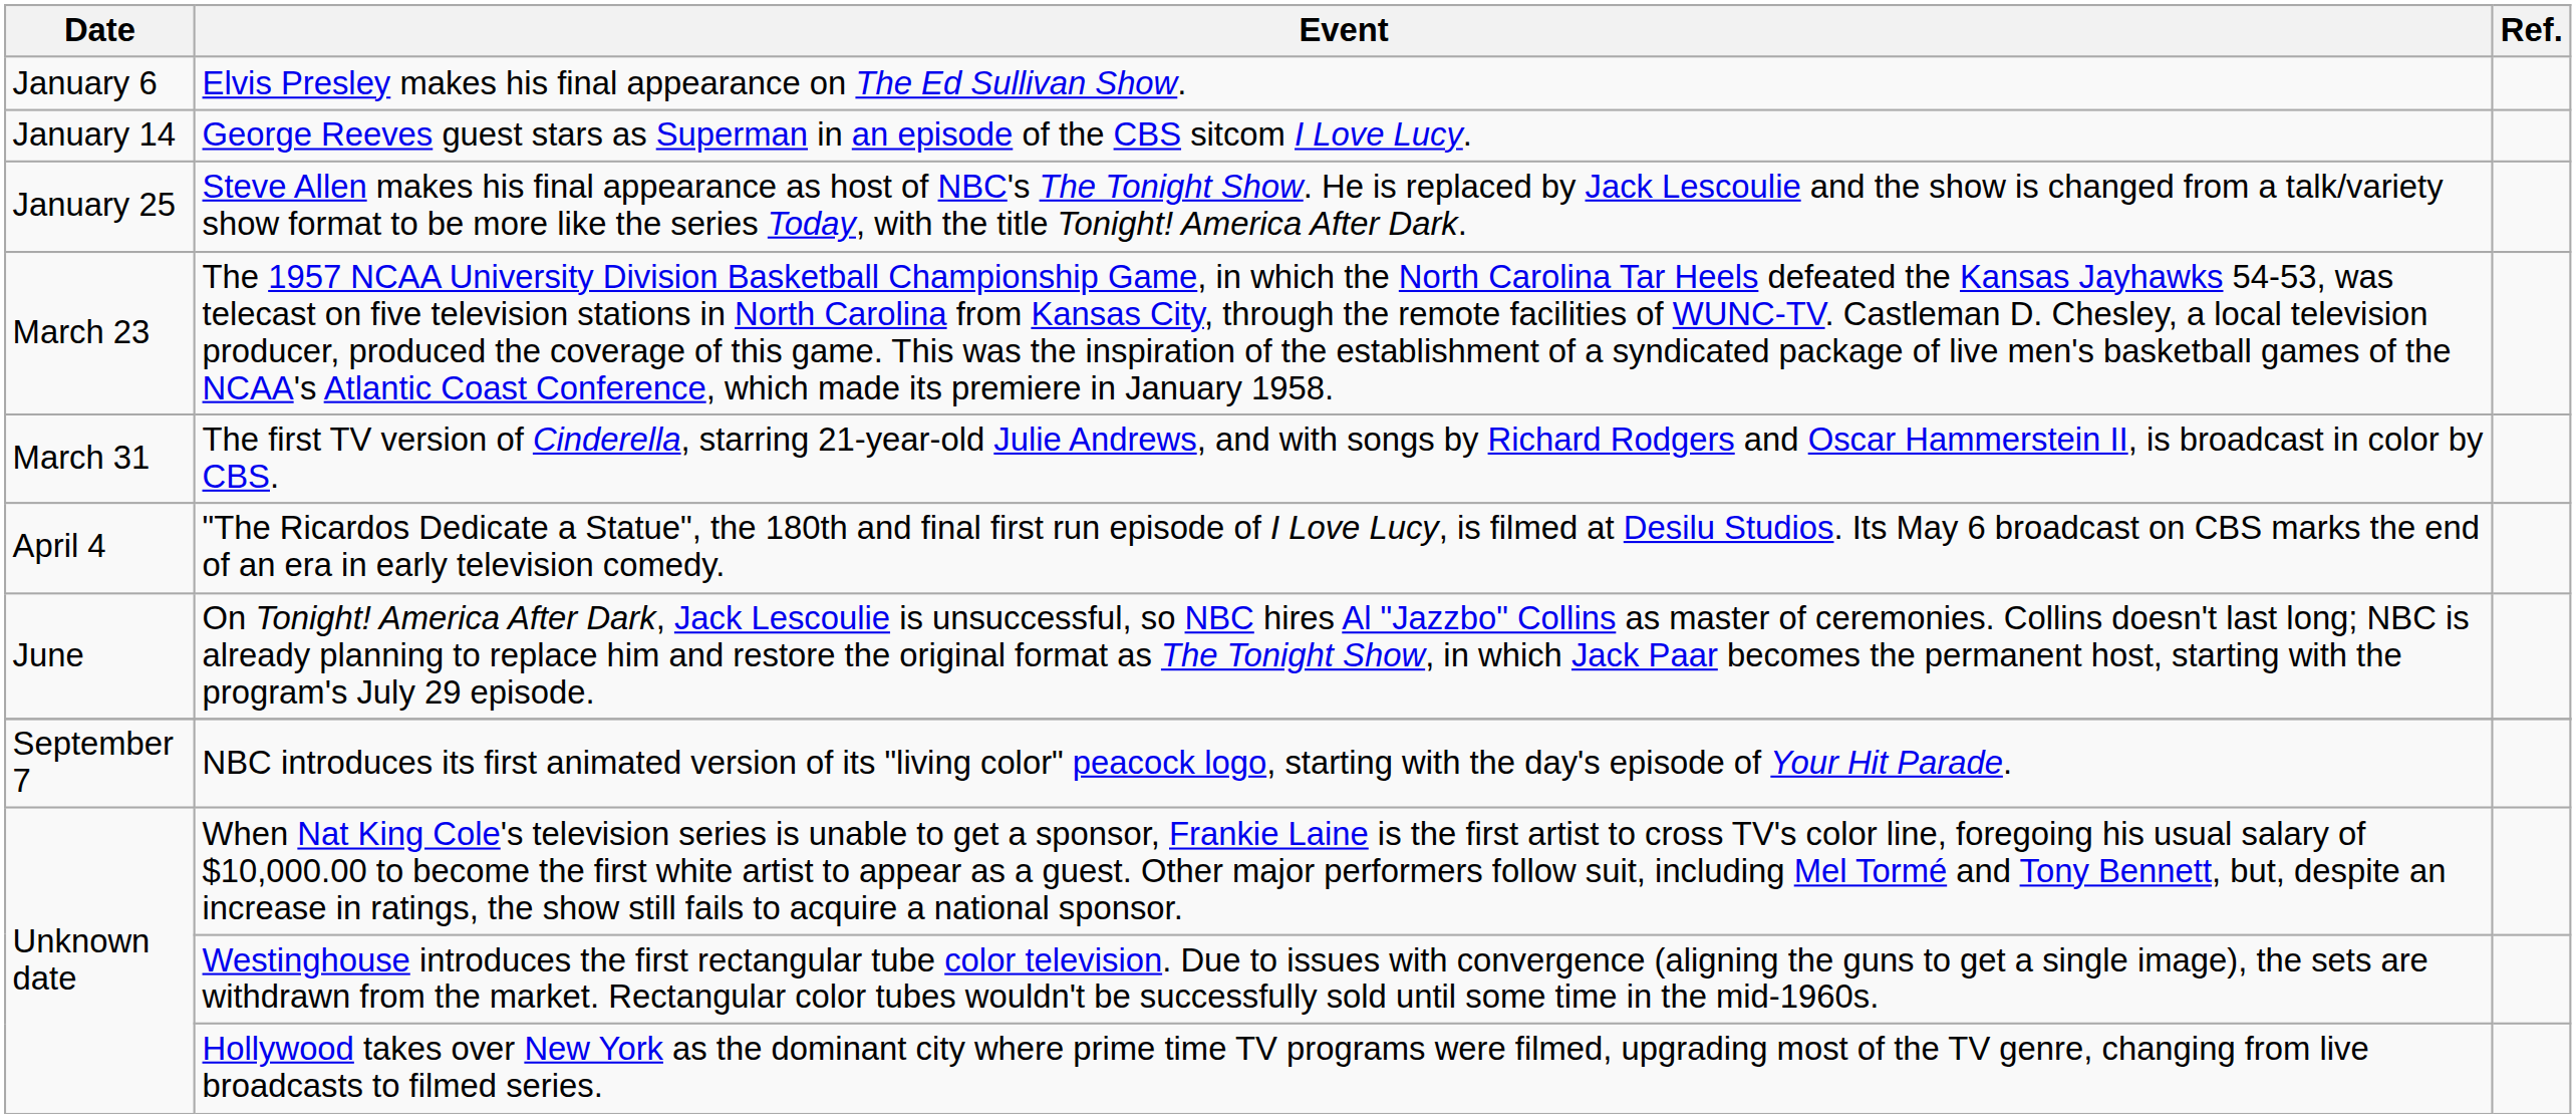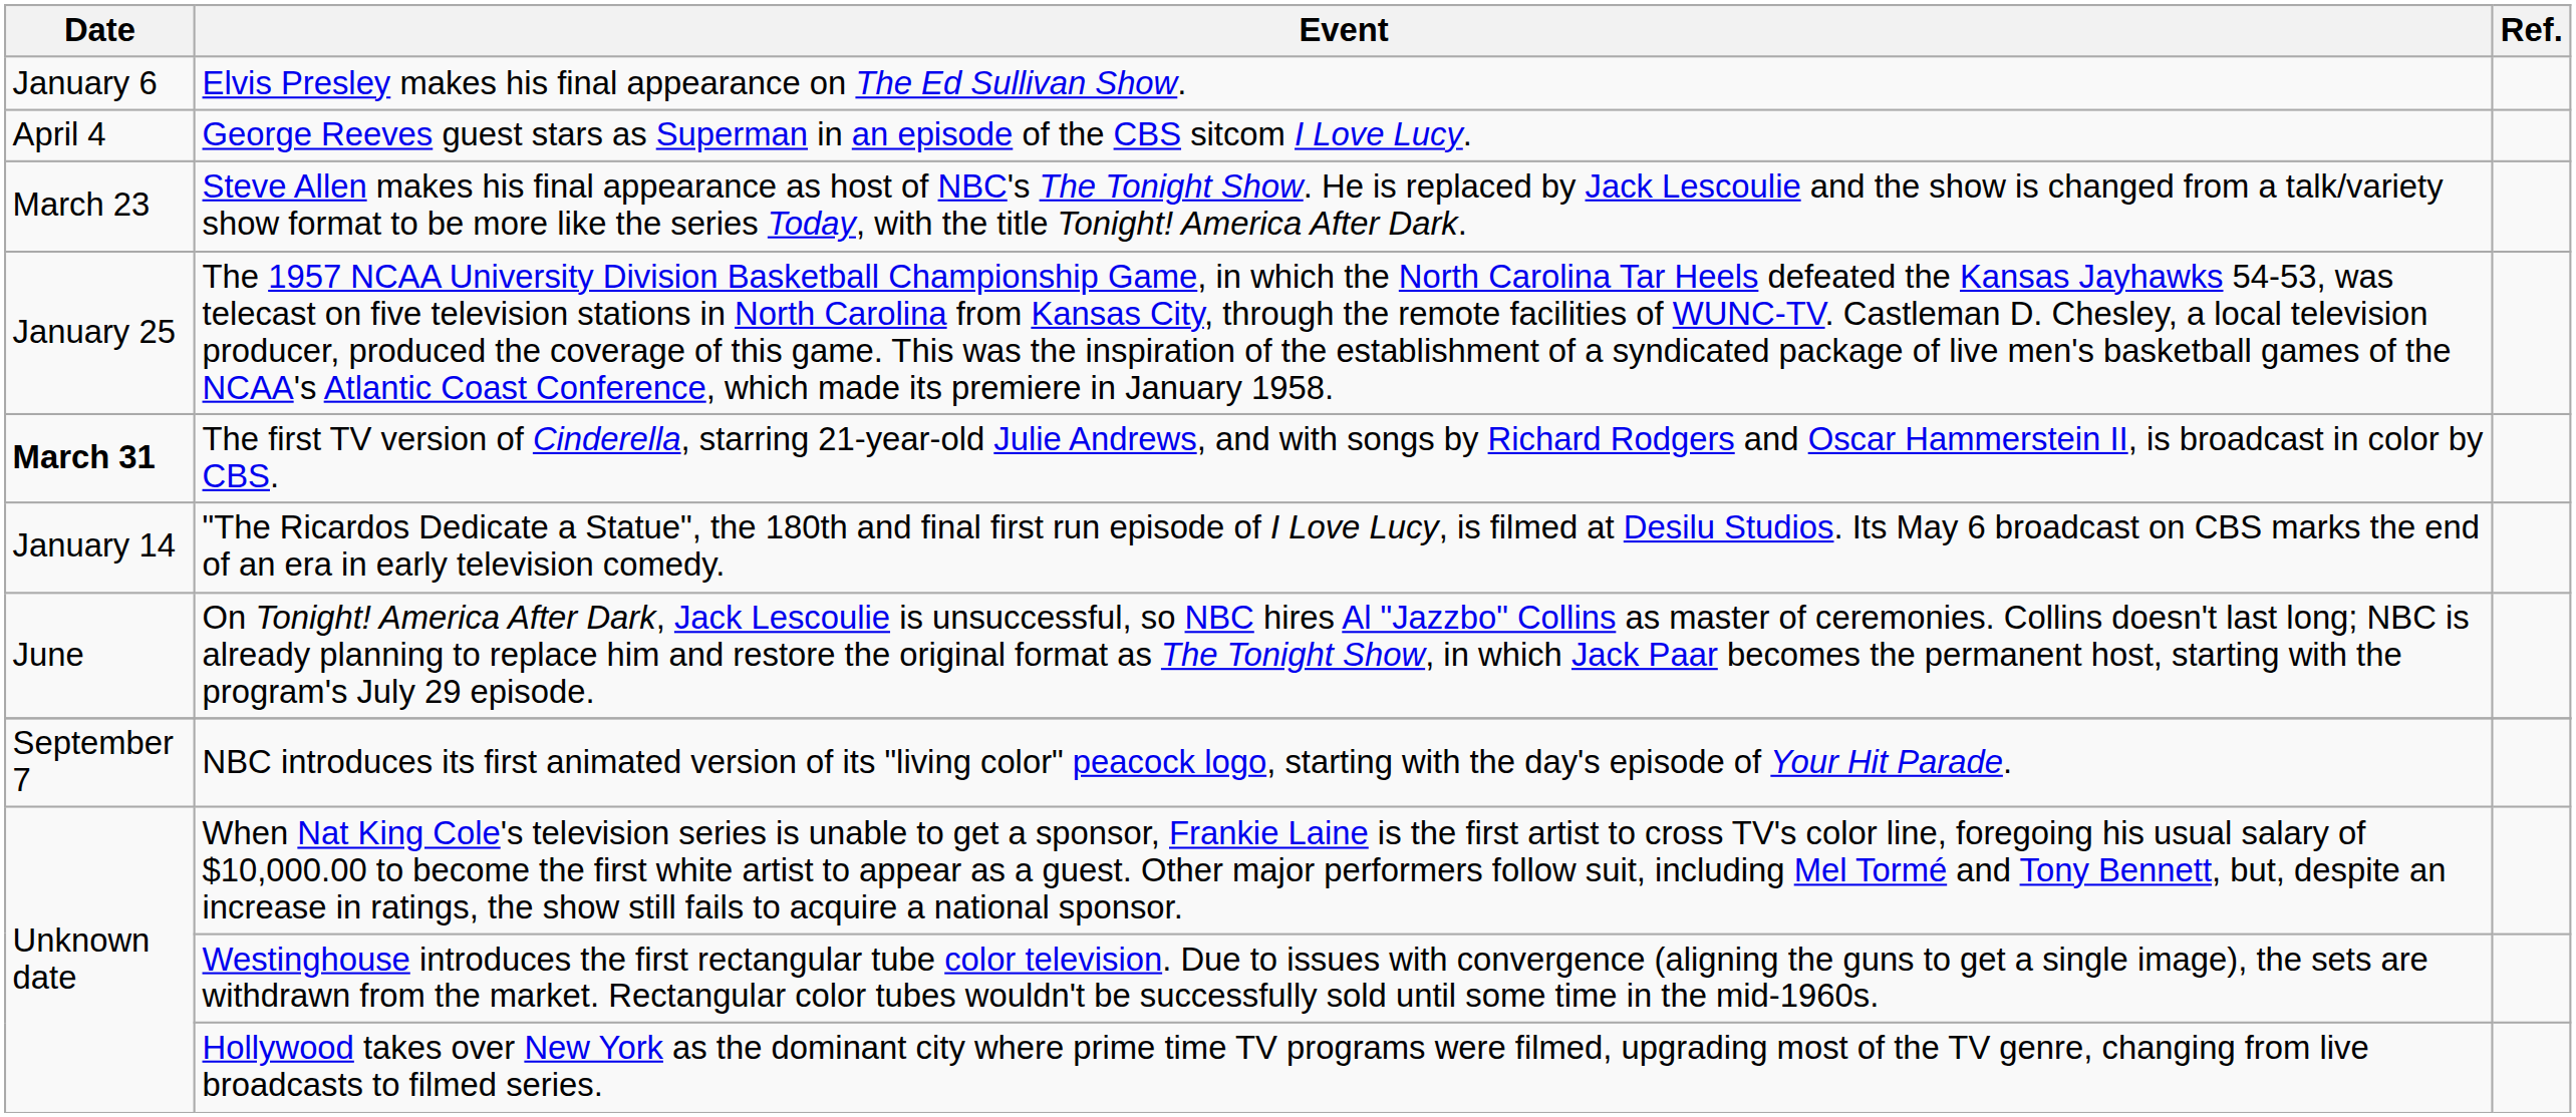 <table class="wikitable sortable">
 <tr>
 <th>Date</th>
 <th>Event</th>
 <th>Ref.</th>
 </tr>
 <tr>
 <td>January 6</td>
 <td><a href='#'>Elvis Presley</a> makes his final appearance on <em><a href='#'>The Ed Sullivan Show</a></em>.</td>
 <td></td>
 </tr>
 <tr>
-<td>January 14</td>
+<td>April 4</td>
 <td><a href='#'>George Reeves</a> guest stars as <a href='#'>Superman</a> in <a href='#'>an episode</a> of the <a href='#'>CBS</a> sitcom <em><a href='#'>I Love Lucy</a></em>.</td>
 <td></td>
 </tr>
 <tr>
-<td>January 25</td>
+<td>March 23</td>
 <td><a href='#'>Steve Allen</a> makes his final appearance as host of <a href='#'>NBC</a>'s <em><a href='#'>The Tonight Show</a></em>. He is replaced by <a href='#'>Jack Lescoulie</a> and the show is changed from a talk/variety show format to be more like the series <em><a href='#'>Today</a></em>, with the title <em>Tonight! America After Dark</em>.</td>
 <td></td>
 </tr>
 <tr>
-<td>March 23</td>
+<td>January 25</td>
 <td>The <a href='#'>1957 NCAA University Division Basketball Championship Game</a>, in which the <a href='#'>North Carolina Tar Heels</a> defeated the <a href='#'>Kansas Jayhawks</a> 54-53, was telecast on five television stations in <a href='#'>North Carolina</a> from <a href='#'>Kansas City</a>, through the remote facilities of <a href='#'>WUNC-TV</a>. Castleman D. Chesley, a local television producer, produced the coverage of this game. This was the inspiration of the establishment of a syndicated package of live men's basketball games of the <a href='#'>NCAA</a>'s <a href='#'>Atlantic Coast Conference</a>, which made its premiere in January 1958.</td>
 <td></td>
 </tr>
 <tr>
-<td>March 31</td>
+<td><strong>March 31</strong></td>
 <td>The first TV version of <em><a href='#'>Cinderella</a></em>, starring 21-year-old <a href='#'>Julie Andrews</a>, and with songs by <a href='#'>Richard Rodgers</a> and <a href='#'>Oscar Hammerstein II</a>, is broadcast in color by <a href='#'>CBS</a>.</td>
 <td></td>
 </tr>
 <tr>
-<td>April 4</td>
+<td>January 14</td>
 <td>"The Ricardos Dedicate a Statue", the 180th and final first run episode of <em>I Love Lucy</em>, is filmed at <a href='#'>Desilu Studios</a>. Its May 6 broadcast on CBS marks the end of an era in early television comedy.</td>
 <td></td>
 </tr>
 <tr>
 <td>June</td>
 <td>On <em>Tonight! America After Dark</em>, <a href='#'>Jack Lescoulie</a> is unsuccessful, so <a href='#'>NBC</a> hires <a href='#'>Al "Jazzbo" Collins</a> as master of ceremonies. Collins doesn't last long; NBC is already planning to replace him and restore the original format as <em><a href='#'>The Tonight Show</a></em>, in which <a href='#'>Jack Paar</a> becomes the permanent host, starting with the program's July 29 episode.</td>
 <td></td>
 </tr>
 <tr>
 </tr>
 <tr>
 <td>September 7</td>
 <td>NBC introduces its first animated version of its "living color" <a href='#'>peacock logo</a>, starting with the day's episode of <em><a href='#'>Your Hit Parade</a></em>.</td>
 <td></td>
 </tr>
 <tr>
 <td rowspan=3>Unknown date</td>
 <td>When <a href='#'>Nat King Cole</a>'s television series is unable to get a sponsor, <a href='#'>Frankie Laine</a> is the first artist to cross TV's color line, foregoing his usual salary of $10,000.00 to become the first white artist to appear as a guest. Other major performers follow suit, including <a href='#'>Mel Tormé</a> and <a href='#'>Tony Bennett</a>, but, despite an increase in ratings, the show still fails to acquire a national sponsor.</td>
 <td></td>
 </tr>
 <tr>
 <td><a href='#'>Westinghouse</a> introduces the first rectangular tube <a href='#'>color television</a>. Due to issues with convergence (aligning the guns to get a single image), the sets are withdrawn from the market. Rectangular color tubes wouldn't be successfully sold until some time in the mid-1960s.</td>
 <td></td>
 </tr>
 <tr>
 <td><a href='#'>Hollywood</a> takes over <a href='#'>New York</a> as the dominant city where prime time TV programs were filmed, upgrading most of the TV genre, changing from live broadcasts to filmed series.</td>
 <td></td>
 </tr>
 </table>
